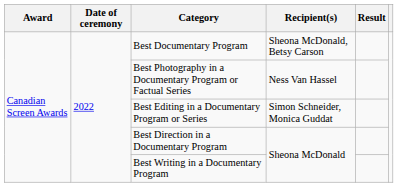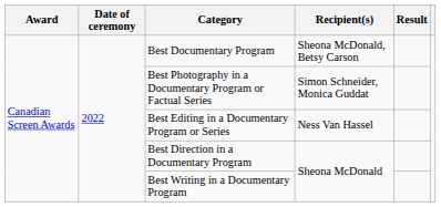 <table class="wikitable plainrowheaders sortable">
 <tr>
 <th scope="col">Award</th>
 <th scope="col">Date of ceremony</th>
 <th scope="col">Category</th>
 <th scope="col">Recipient(s)</th>
 <th scope="col">Result</th>
 <th scope="col" class="unsortable"></th>
 </tr>
 <tr>
 <td rowspan=5><a href='#'>Canadian Screen Awards</a></td>
 <td rowspan=5><a href='#'>2022</a></td>
 <td>Best Documentary Program</td>
 <td>Sheona McDonald, Betsy Carson</td>
 <td></td>
 <td rowspan=5></td>
 </tr>
 <tr>
 <td>Best Photography in a Documentary Program or Factual Series</td>
-<td>Ness Van Hassel</td>
+<td>Simon Schneider, Monica Guddat</td>
 <td></td>
 </tr>
 <tr>
 <td>Best Editing in a Documentary Program or Series</td>
-<td>Simon Schneider, Monica Guddat</td>
+<td>Ness Van Hassel</td>
 <td></td>
 </tr>
 <tr>
 <td>Best Direction in a Documentary Program</td>
 <td rowspan=2>Sheona McDonald</td>
 <td></td>
 </tr>
 <tr>
 <td>Best Writing in a Documentary Program</td>
 <td></td>
 </tr>
 </table>
